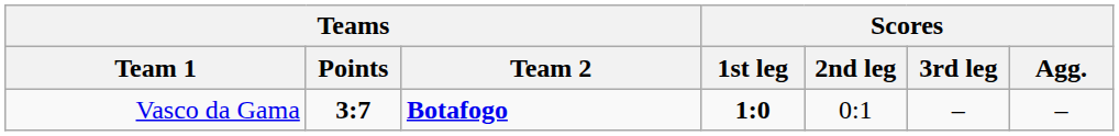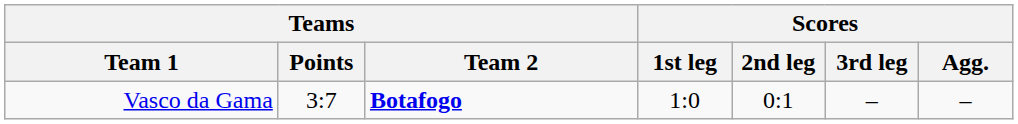 <table class="wikitable" style="text-align:center;">
 <tr>
 <th colspan=3>Teams</th>
 <th colspan=4>Scores</th>
 </tr>
 <tr>
 <th width="175">Team 1</th>
 <th width="50">Points</th>
 <th width="175">Team 2</th>
 <th width="55">1st leg</th>
 <th width="55">2nd leg</th>
 <th width="55">3rd leg</th>
 <th width="55">Agg.</th>
 </tr>
 <tr>
 <td align=right><a href='#'>Vasco da Gama</a> </td>
-<td><strong>3:7</strong></td>
+<td>3:7</td>
 <td align=left> <strong><a href='#'>Botafogo</a></strong></td>
-<td><strong>1:0</strong></td>
+<td>1:0</td>
 <td>0:1</td>
 <td>–</td>
 <td>–</td>
 </tr>
 </table>
